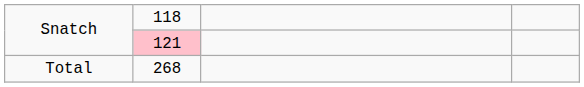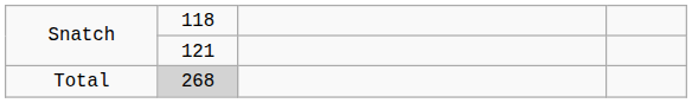 <table class = "wikitable" style="text-align:center;">
 <tr>
 <td width=100 rowspan=2>Snatch</td>
 <td width=50>118</td>
 <td width=250 align=left></td>
 <td width=50></td>
 </tr>
 <tr>
-<td style="background: pink;">121</td>
+<td>121</td>
 <td align=left></td>
 <td></td>
 </tr>
 <tr>
 <td>Total</td>
-<td>268</td>
+<td style="background: lightgrey;">268</td>
 <td align=left></td>
 <td></td>
 </tr>
 </table>
